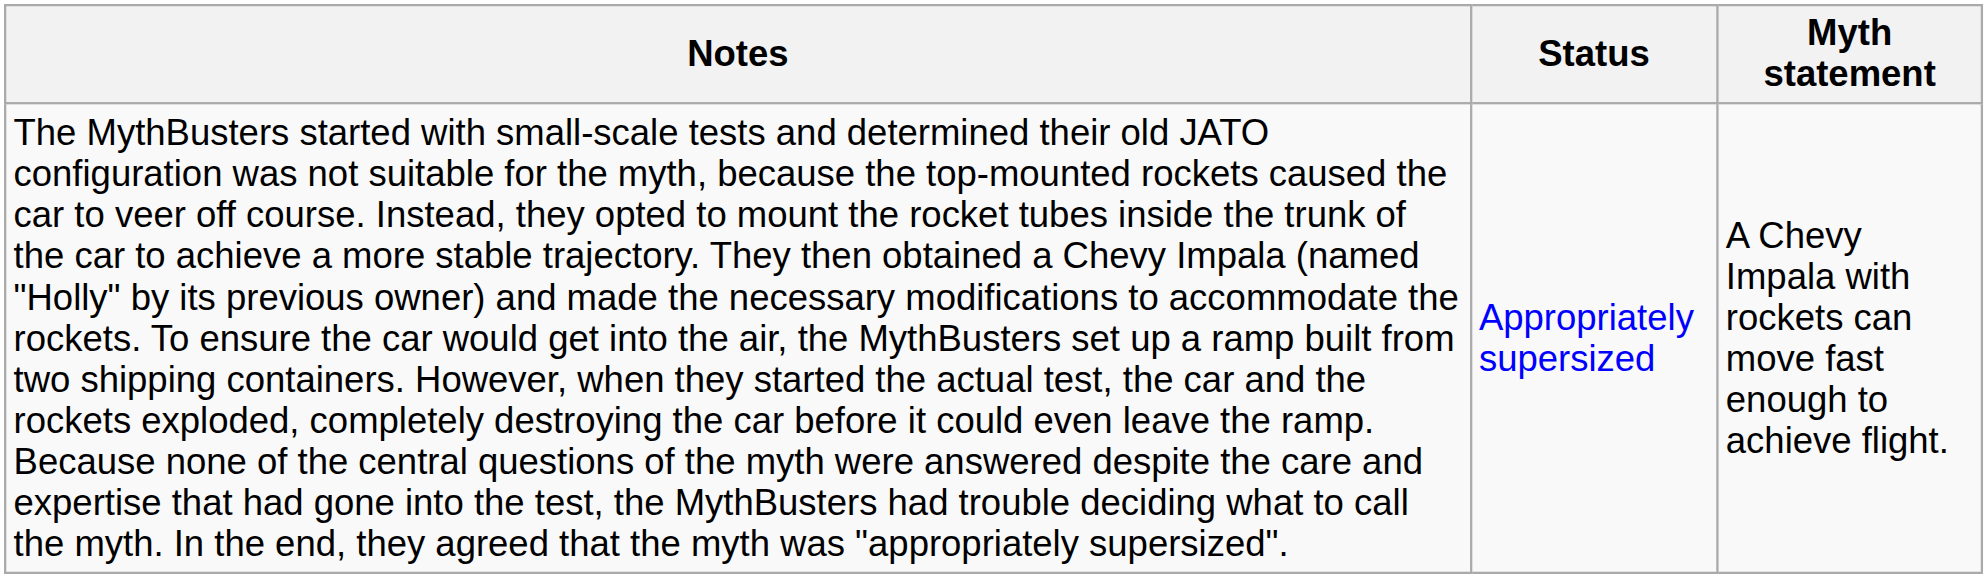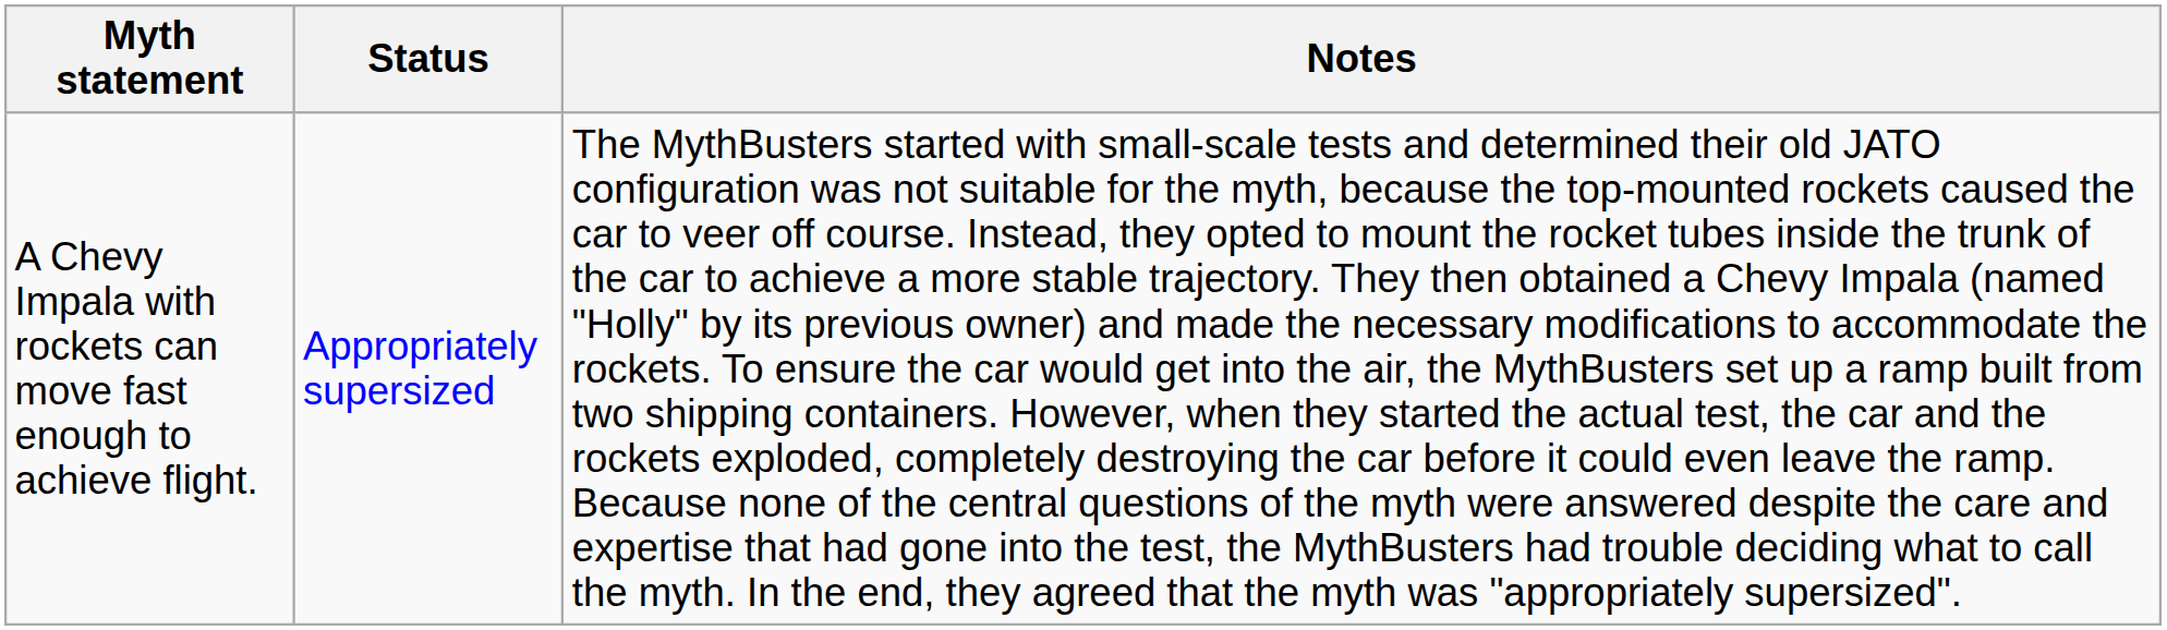 <table class="wikitable plainrowheaders">
 <tr>
+<th>Myth statement</th>
+<th>Status</th>
 <th>Notes</th>
-<th>Status</th>
-<th>Myth statement</th>
 </tr>
 <tr>
+<td>A Chevy Impala with rockets can move fast enough to achieve flight.</td>
+<td style="color:blue">Appropriately supersized</td>
 <td>The MythBusters started with small-scale tests and determined their old JATO configuration was not suitable for the myth, because the top-mounted rockets caused the car to veer off course. Instead, they opted to mount the rocket tubes inside the trunk of the car to achieve a more stable trajectory. They then obtained a Chevy Impala (named "Holly" by its previous owner) and made the necessary modifications to accommodate the rockets. To ensure the car would get into the air, the MythBusters set up a ramp built from two shipping containers. However, when they started the actual test, the car and the rockets exploded, completely destroying the car before it could even leave the ramp. Because none of the central questions of the myth were answered despite the care and expertise that had gone into the test, the MythBusters had trouble deciding what to call the myth. In the end, they agreed that the myth was "appropriately supersized".</td>
-<td style="color:blue">Appropriately supersized</td>
-<td>A Chevy Impala with rockets can move fast enough to achieve flight.</td>
 </tr>
 </table>
